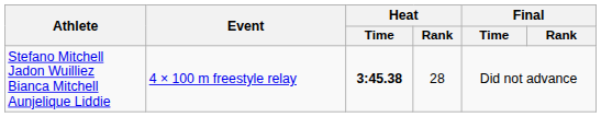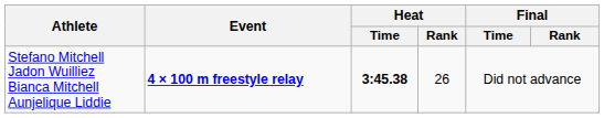 <table class="wikitable" style="text-align:center; font-size:90%; width:40%;">
 <tr>
 <th rowspan="2">Athlete</th>
 <th rowspan="2">Event</th>
 <th colspan="2">Heat</th>
 <th colspan="2">Final</th>
 </tr>
 <tr style="font-size:95%">
 <th>Time</th>
 <th>Rank</th>
 <th>Time</th>
 <th>Rank</th>
 </tr>
 <tr>
 <td align=left><a href='#'>Stefano Mitchell</a> <br><a href='#'>Jadon Wuilliez</a> <br><a href='#'>Bianca Mitchell</a> <br><a href='#'>Aunjelique Liddie</a></td>
-<td align=left><a href='#'>4 × 100 m freestyle relay</a></td>
+<td align=left><strong><a href='#'>4 × 100 m freestyle relay</a></strong></td>
 <td><strong>3:45.38</strong></td>
-<td>28</td>
+<td>26</td>
 <td colspan=2>Did not advance</td>
 </tr>
 </table>
